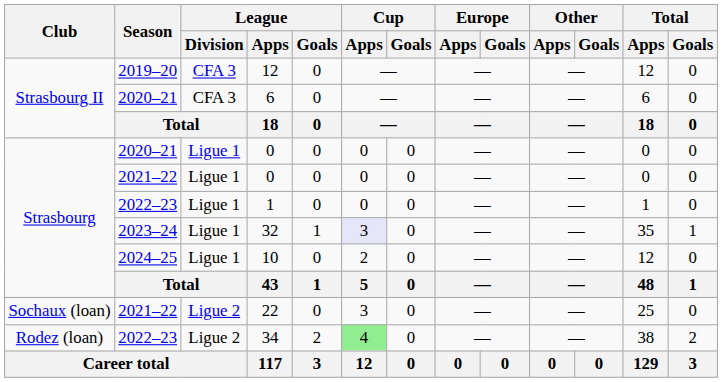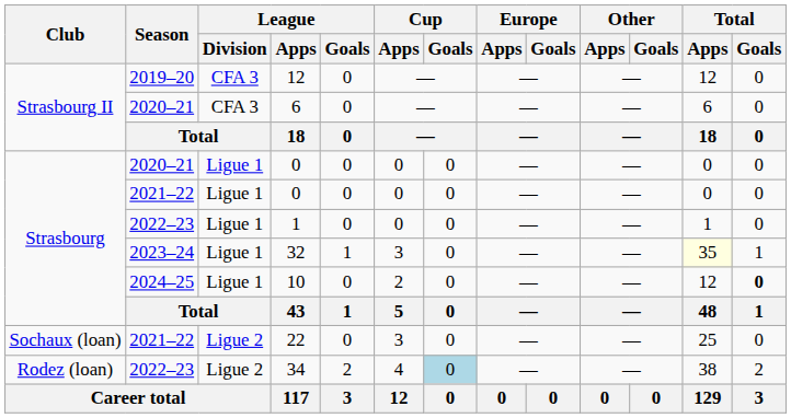 <table class="wikitable" style="text-align: center">
 <tr>
 <th rowspan="2">Club</th>
 <th rowspan="2">Season</th>
 <th colspan="3">League</th>
 <th colspan="2">Cup</th>
 <th colspan="2">Europe</th>
 <th colspan="2">Other</th>
 <th colspan="2">Total</th>
 </tr>
 <tr>
 <th>Division</th>
 <th>Apps</th>
 <th>Goals</th>
 <th>Apps</th>
 <th>Goals</th>
 <th>Apps</th>
 <th>Goals</th>
 <th>Apps</th>
 <th>Goals</th>
 <th>Apps</th>
 <th>Goals</th>
 </tr>
 <tr>
 <td rowspan="3"><a href='#'>Strasbourg II</a></td>
 <td><a href='#'>2019–20</a></td>
 <td><a href='#'>CFA 3</a></td>
 <td>12</td>
 <td>0</td>
 <td colspan="2">—</td>
 <td colspan="2">—</td>
 <td colspan="2">—</td>
 <td>12</td>
 <td>0</td>
 </tr>
 <tr>
 <td><a href='#'>2020–21</a></td>
 <td>CFA 3</td>
 <td>6</td>
 <td>0</td>
 <td colspan="2">—</td>
 <td colspan="2">—</td>
 <td colspan="2">—</td>
 <td>6</td>
 <td>0</td>
 </tr>
 <tr>
 <th colspan="2">Total</th>
 <th>18</th>
 <th>0</th>
 <th colspan="2">—</th>
 <th colspan="2">—</th>
 <th colspan="2">—</th>
 <th>18</th>
 <th>0</th>
 </tr>
 <tr>
 <td rowspan="6"><a href='#'>Strasbourg</a></td>
 <td><a href='#'>2020–21</a></td>
 <td><a href='#'>Ligue 1</a></td>
 <td>0</td>
 <td>0</td>
 <td>0</td>
 <td>0</td>
 <td colspan="2">—</td>
 <td colspan="2">—</td>
 <td>0</td>
 <td>0</td>
 </tr>
 <tr>
 <td><a href='#'>2021–22</a></td>
 <td>Ligue 1</td>
 <td>0</td>
 <td>0</td>
 <td>0</td>
 <td>0</td>
 <td colspan="2">—</td>
 <td colspan="2">—</td>
 <td>0</td>
 <td>0</td>
 </tr>
 <tr>
 <td><a href='#'>2022–23</a></td>
 <td>Ligue 1</td>
 <td>1</td>
 <td>0</td>
 <td>0</td>
 <td>0</td>
 <td colspan="2">—</td>
 <td colspan="2">—</td>
 <td>1</td>
 <td>0</td>
 </tr>
 <tr>
 <td><a href='#'>2023–24</a></td>
 <td>Ligue 1</td>
 <td>32</td>
 <td>1</td>
-<td style="background: lavender;">3</td>
+<td>3</td>
 <td>0</td>
 <td colspan="2">—</td>
 <td colspan="2">—</td>
-<td>35</td>
+<td style="background: lightyellow;">35</td>
 <td>1</td>
 </tr>
 <tr>
 <td><a href='#'>2024–25</a></td>
 <td>Ligue 1</td>
 <td>10</td>
 <td>0</td>
 <td>2</td>
 <td>0</td>
 <td colspan="2">—</td>
 <td colspan="2">—</td>
 <td>12</td>
-<td>0</td>
+<td><strong>0</strong></td>
 </tr>
 <tr>
 <th colspan="2">Total</th>
 <th>43</th>
 <th>1</th>
 <th>5</th>
 <th>0</th>
 <th colspan="2">—</th>
 <th colspan="2">—</th>
 <th>48</th>
 <th>1</th>
 </tr>
 <tr>
 <td><a href='#'>Sochaux</a> (loan)</td>
 <td><a href='#'>2021–22</a></td>
 <td><a href='#'>Ligue 2</a></td>
 <td>22</td>
 <td>0</td>
 <td>3</td>
 <td>0</td>
 <td colspan="2">—</td>
 <td colspan="2">—</td>
 <td>25</td>
 <td>0</td>
 </tr>
 <tr>
 <td><a href='#'>Rodez</a> (loan)</td>
 <td><a href='#'>2022–23</a></td>
 <td>Ligue 2</td>
 <td>34</td>
 <td>2</td>
-<td style="background: lightgreen;">4</td>
-<td>0</td>
+<td>4</td>
+<td style="background: lightblue;">0</td>
 <td colspan="2">—</td>
 <td colspan="2">—</td>
 <td>38</td>
 <td>2</td>
 </tr>
 <tr>
 <th colspan="3">Career total</th>
 <th>117</th>
 <th>3</th>
 <th>12</th>
 <th>0</th>
 <th>0</th>
 <th>0</th>
 <th>0</th>
 <th>0</th>
 <th>129</th>
 <th>3</th>
 </tr>
 </table>
